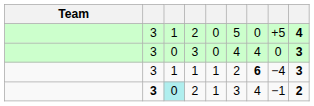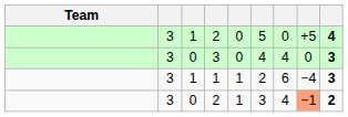 <table class="wikitable" style="text-align:center">
 <tr>
 <th width=175>Team</th>
 <th width=20></th>
 <th width=20></th>
 <th width=20></th>
 <th width=20></th>
 <th width=20></th>
 <th width=20></th>
 <th width=20></th>
 <th width=20></th>
 </tr>
 <tr bgcolor=#CCFFCC>
 <td align="left"></td>
 <td>3</td>
 <td>1</td>
 <td>2</td>
 <td>0</td>
 <td>5</td>
 <td>0</td>
 <td>+5</td>
 <td><strong>4</strong></td>
 </tr>
 <tr bgcolor=#CCFFCC>
 <td align="left"></td>
 <td>3</td>
 <td>0</td>
 <td>3</td>
 <td>0</td>
 <td>4</td>
 <td>4</td>
 <td>0</td>
 <td><strong>3</strong></td>
 </tr>
 <tr>
 <td align="left"></td>
 <td>3</td>
 <td>1</td>
 <td>1</td>
 <td>1</td>
 <td>2</td>
-<td><strong>6</strong></td>
+<td>6</td>
 <td>−4</td>
 <td><strong>3</strong></td>
 </tr>
 <tr>
 <td align="left"></td>
-<td><strong>3</strong></td>
-<td style="background: paleturquoise;">0</td>
+<td>3</td>
+<td>0</td>
 <td>2</td>
 <td>1</td>
 <td>3</td>
 <td>4</td>
-<td>−1</td>
+<td style="background: lightsalmon;">−1</td>
 <td><strong>2</strong></td>
 </tr>
 </table>
